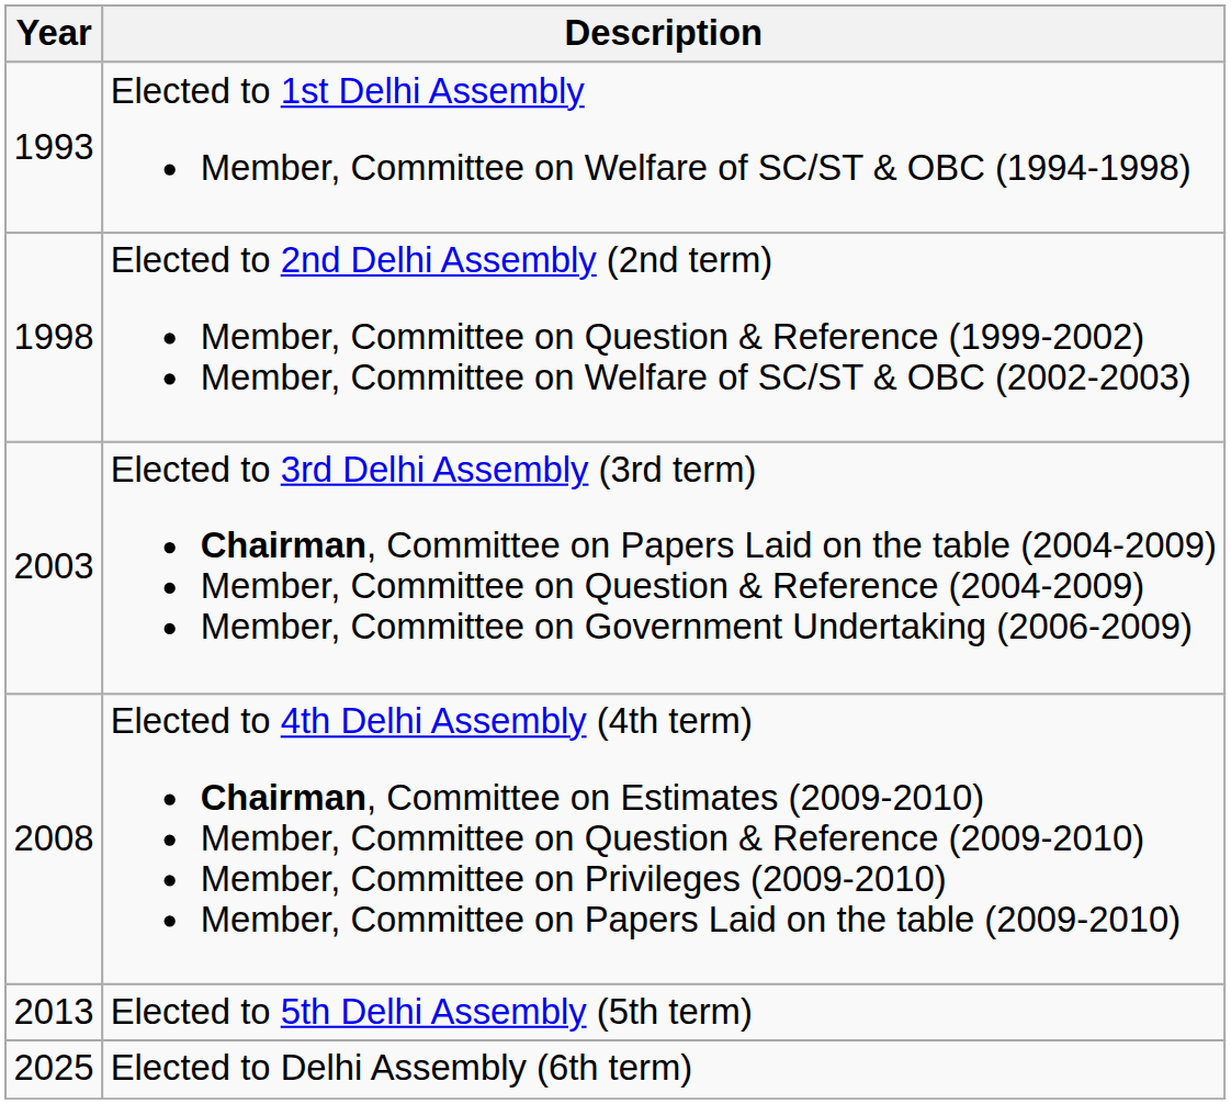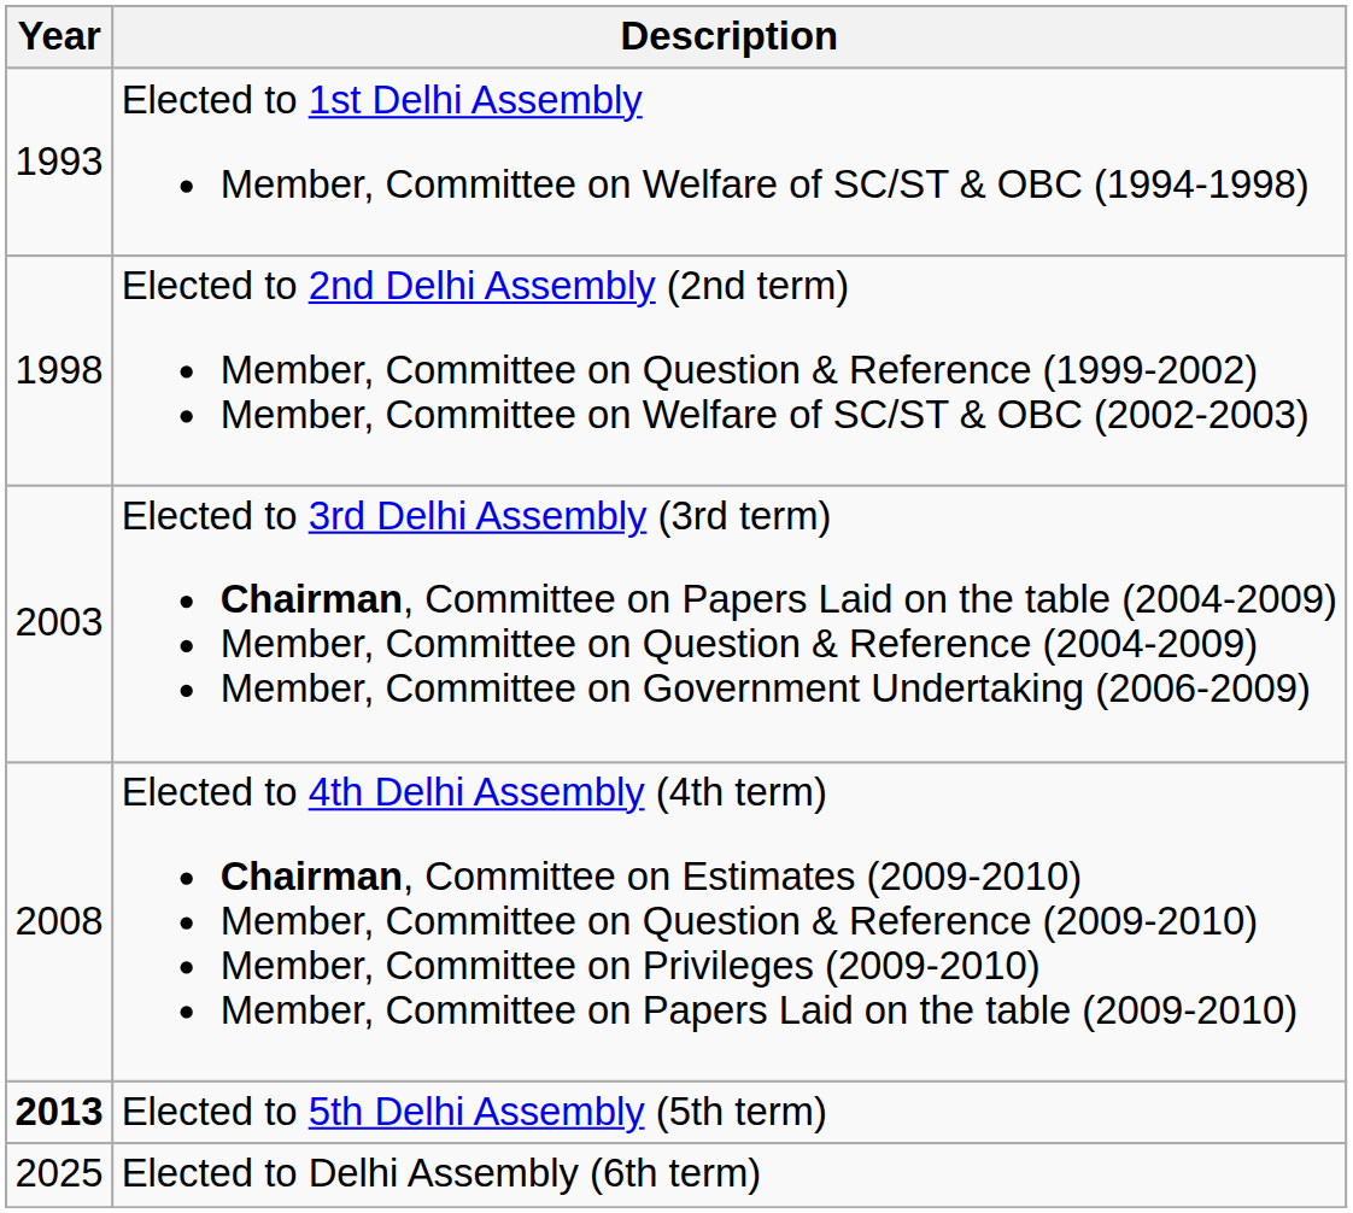 <table class="wikitable">
 <tr>
 <th>Year</th>
 <th>Description</th>
 </tr>
 <tr>
 <td>1993</td>
 <td>Elected to <a href='#'>1st Delhi Assembly</a><br><ul><li>Member, Committee on Welfare of SC/ST & OBC (1994-1998)</li></ul></td>
 </tr>
 <tr>
 <td>1998</td>
 <td>Elected to <a href='#'>2nd Delhi Assembly</a> (2nd term)<br><ul><li>Member, Committee on Question & Reference (1999-2002)</li><li>Member, Committee on Welfare of SC/ST & OBC (2002-2003)</li></ul></td>
 </tr>
 <tr>
 <td>2003</td>
 <td>Elected to <a href='#'>3rd Delhi Assembly</a> (3rd term)<br><ul><li><strong>Chairman</strong>, Committee on Papers Laid on the table (2004-2009)</li><li>Member, Committee on Question & Reference (2004-2009)</li><li>Member, Committee on Government Undertaking (2006-2009)</li></ul></td>
 </tr>
 <tr>
 <td>2008</td>
 <td>Elected to <a href='#'>4th Delhi Assembly</a> (4th term)<br><ul><li><strong>Chairman</strong>, Committee on Estimates (2009-2010)</li><li>Member, Committee on Question & Reference (2009-2010)</li><li>Member, Committee on Privileges (2009-2010)</li><li>Member, Committee on Papers Laid on the table (2009-2010)</li></ul></td>
 </tr>
 <tr>
-<td>2013</td>
+<td><strong>2013</strong></td>
 <td>Elected to <a href='#'>5th Delhi Assembly</a> (5th term)</td>
 </tr>
 <tr>
 <td>2025</td>
 <td>Elected to  Delhi Assembly (6th term)</td>
 </tr>
 </table>
